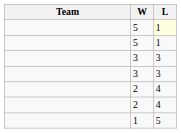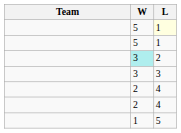 <table class="wikitable">
 <tr>
 <th width="200px">Team</th>
 <th width="30px">W</th>
 <th width="30px">L</th>
 </tr>
 <tr>
 <td></td>
 <td>5</td>
 <td style="background: lightyellow;">1</td>
 </tr>
 <tr>
 <td></td>
 <td>5</td>
 <td>1</td>
 </tr>
 <tr>
 <td></td>
-<td>3</td>
-<td>3</td>
+<td style="background: paleturquoise;">3</td>
+<td>2</td>
 </tr>
 <tr>
 <td></td>
 <td>3</td>
 <td>3</td>
 </tr>
 <tr>
 <td></td>
 <td>2</td>
 <td>4</td>
 </tr>
 <tr>
 <td></td>
 <td>2</td>
 <td>4</td>
 </tr>
 <tr>
 <td></td>
 <td>1</td>
 <td>5</td>
 </tr>
 </table>
